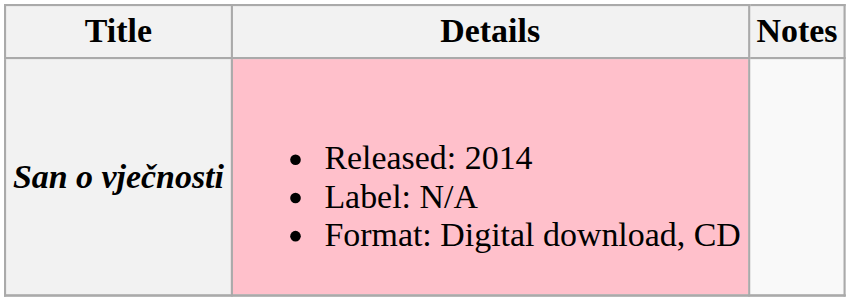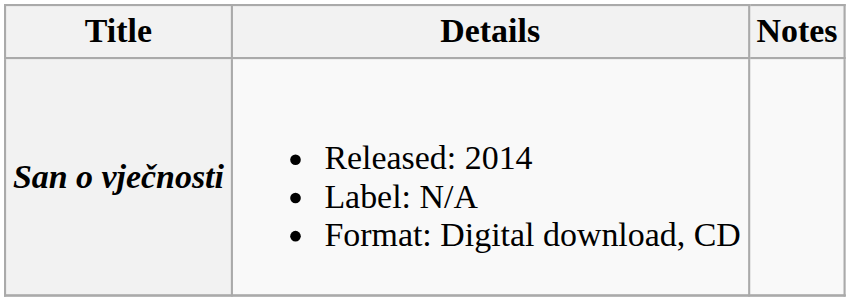 <table class="wikitable plainrowheaders">
 <tr>
 <th scope="col">Title</th>
 <th scope="col">Details</th>
 <th scope="col">Notes</th>
 </tr>
 <tr>
 <th scope="row"><em>San o vječnosti</em></th>
-<td style="background: pink;"><br><ul><li>Released: 2014</li><li>Label: N/A</li><li>Format: Digital download, CD</li></ul></td>
+<td><br><ul><li>Released: 2014</li><li>Label: N/A</li><li>Format: Digital download, CD</li></ul></td>
 <td><br></td>
 </tr>
 <tr>
 </tr>
 </table>
